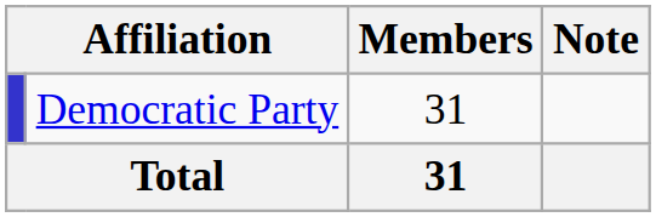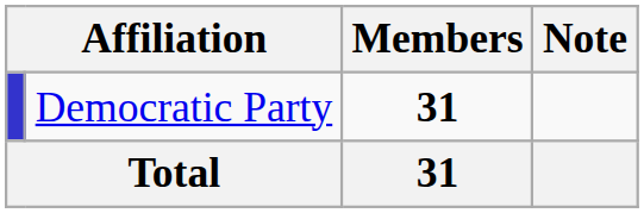 <table class="wikitable">
 <tr>
 <th colspan="2" align="center" valign="bottom">Affiliation</th>
 <th valign="bottom">Members</th>
 <th valign="bottom">Note</th>
 </tr>
 <tr>
 <td bgcolor="#3333CC"></td>
 <td><a href='#'>Democratic Party</a></td>
-<td align="center">31</td>
+<td align="center"><strong>31</strong></td>
 <td></td>
 </tr>
 <tr>
 <th colspan="2" align="center"><strong>Total</strong></th>
 <th align="center"><strong>31</strong></th>
 <th></th>
 </tr>
 </table>
